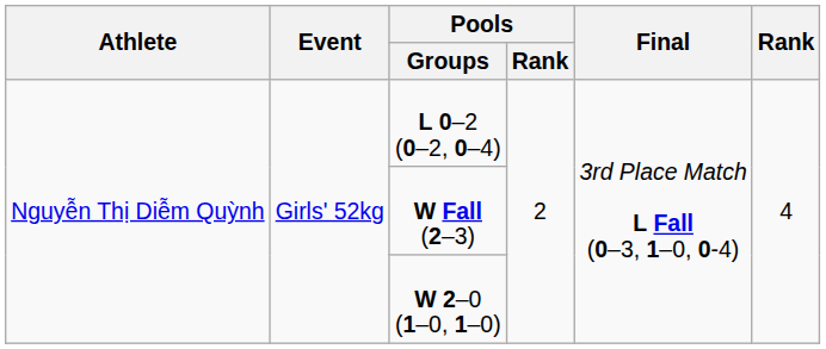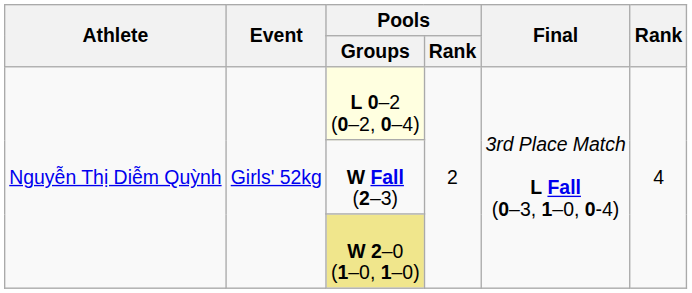 <table class="wikitable" style="text-align:left; font-size:90%">
 <tr>
 <th rowspan="2">Athlete</th>
 <th rowspan="2">Event</th>
 <th colspan="2">Pools</th>
 <th rowspan="2">Final</th>
 <th rowspan="2">Rank</th>
 </tr>
 <tr>
 <th>Groups</th>
 <th>Rank</th>
 </tr>
 <tr>
 <td rowspan="3"><a href='#'>Nguyễn Thị Diễm Quỳnh</a></td>
 <td rowspan="3"><a href='#'>Girls' 52kg</a></td>
-<td align=center><br><strong>L</strong> <strong>0</strong>–2<br>(<strong>0</strong>–2, <strong>0</strong>–4)</td>
+<td align=center style="background: lightyellow;"><br><strong>L</strong> <strong>0</strong>–2<br>(<strong>0</strong>–2, <strong>0</strong>–4)</td>
 <td rowspan="3" align=center>2</td>
 <td align=center rowspan=3><em>3rd Place Match</em><br><br><strong>L</strong> <strong><a href='#'>Fall</a></strong><br>(<strong>0</strong>–3, <strong>1</strong>–0, <strong>0</strong>-4)</td>
 <td rowspan="3" align="center">4</td>
 </tr>
 <tr>
 <td align=center><br><strong>W</strong> <strong><a href='#'>Fall</a></strong><br>(<strong>2</strong>–3)</td>
 </tr>
 <tr>
-<td align=center><br><strong>W</strong> <strong>2</strong>–0<br>(<strong>1</strong>–0, <strong>1</strong>–0)</td>
+<td align=center style="background: khaki;"><br><strong>W</strong> <strong>2</strong>–0<br>(<strong>1</strong>–0, <strong>1</strong>–0)</td>
 </tr>
 </table>
